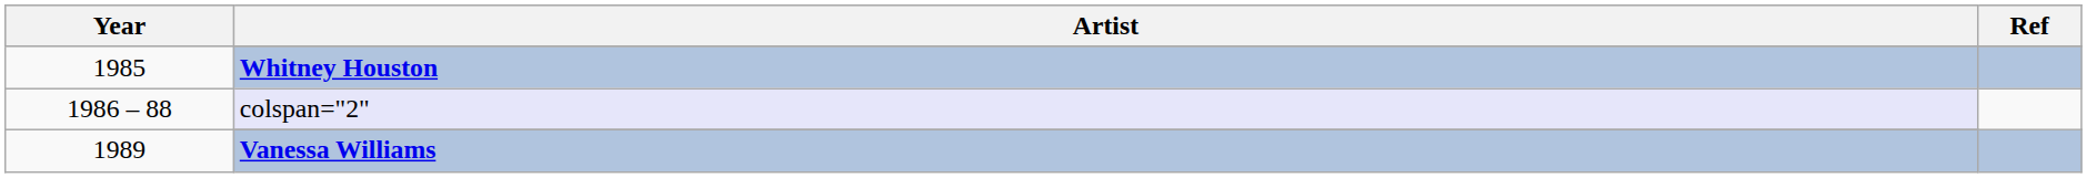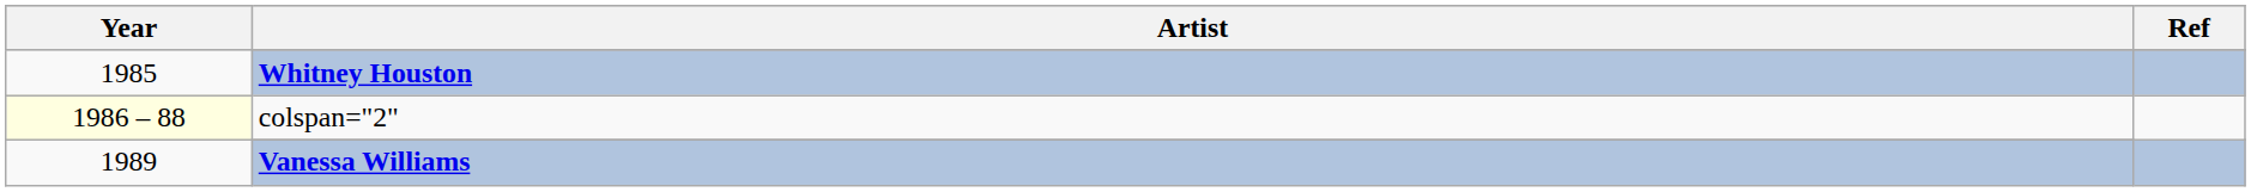 <table class="wikitable" style="width:100%;">
 <tr style="background:#bebebe;">
 <th style="width:11%;">Year</th>
 <th style="width:84%;">Artist</th>
 <th style="width:5%;">Ref</th>
 </tr>
 <tr>
 <td rowspan="2" align="center">1985</td>
 </tr>
 <tr style="background:#B0C4DE">
 <td><strong><a href='#'>Whitney Houston</a></strong></td>
 <td align="center"></td>
 </tr>
 <tr>
-<td align="center">1986 – 88</td>
-<td style="background: lavender;">colspan="2" </td>
+<td align="center" style="background: lightyellow;">1986 – 88</td>
+<td>colspan="2" </td>
 </tr>
 <tr>
 <td rowspan="2" align="center">1989</td>
 </tr>
 <tr style="background:#B0C4DE">
 <td><strong><a href='#'>Vanessa Williams</a></strong></td>
 <td align="center"></td>
 </tr>
 </table>
